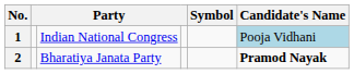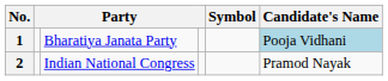 <table class="wikitable sortable">
 <tr>
 <th>No.</th>
 <th colspan="3">Party</th>
 <th>Symbol</th>
 <th>Candidate's Name</th>
 </tr>
 <tr>
 <th>1</th>
 <td style="background:"></td>
-<td><a href='#'>Indian National Congress</a></td>
+<td><a href='#'>Bharatiya Janata Party</a></td>
 <td></td>
 <td></td>
 <td style="background: lightblue;">Pooja Vidhani</td>
 </tr>
 <tr>
 <th>2</th>
 <td style="background:"></td>
-<td><a href='#'>Bharatiya Janata Party</a></td>
+<td><a href='#'>Indian National Congress</a></td>
 <td></td>
 <td></td>
-<td><strong>Pramod Nayak</strong></td>
+<td>Pramod Nayak</td>
 </tr>
 </table>
